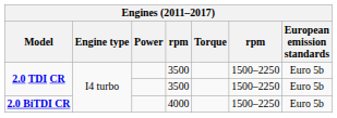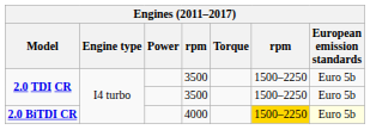 <table class="wikitable" style="text-align:center;" cellpadding="0">
 <tr>
 <th colspan="7">Engines (2011–2017)</th>
 </tr>
 <tr>
 <th>Model</th>
 <th>Engine type</th>
 <th>Power</th>
 <th>rpm</th>
 <th>Torque</th>
 <th>rpm</th>
 <th>European<br>emission<br>standards</th>
 </tr>
 <tr>
 <td rowspan="2"><strong><a href='#'>2.0</a> <a href='#'>TDI</a> <a href='#'>CR</a></strong></td>
 <td rowspan="3"> I4 turbo</td>
 <td></td>
 <td>3500</td>
 <td></td>
 <td>1500–2250</td>
 <td>Euro 5b</td>
 </tr>
 <tr>
 <td></td>
 <td>3500</td>
 <td></td>
 <td>1500–2250</td>
 <td>Euro 5b</td>
 </tr>
 <tr>
 <td><strong><a href='#'>2.0 BiTDI CR</a></strong></td>
 <td></td>
 <td>4000</td>
 <td></td>
-<td>1500–2250</td>
-<td>Euro 5b</td>
+<td style="background: gold;">1500–2250</td>
+<td style="background: lightyellow;">Euro 5b</td>
 </tr>
 </table>
